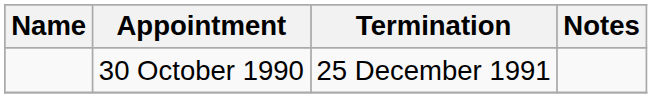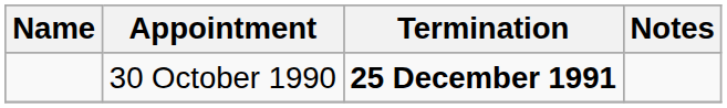 <table class="wikitable">
 <tr valign="middle">
 <th>Name</th>
 <th>Appointment</th>
 <th>Termination</th>
 <th>Notes</th>
 </tr>
 <tr>
 <td></td>
 <td>30 October 1990</td>
-<td>25 December 1991</td>
+<td><strong>25 December 1991</strong></td>
 <td></td>
 </tr>
 <tr>
 </tr>
 </table>
